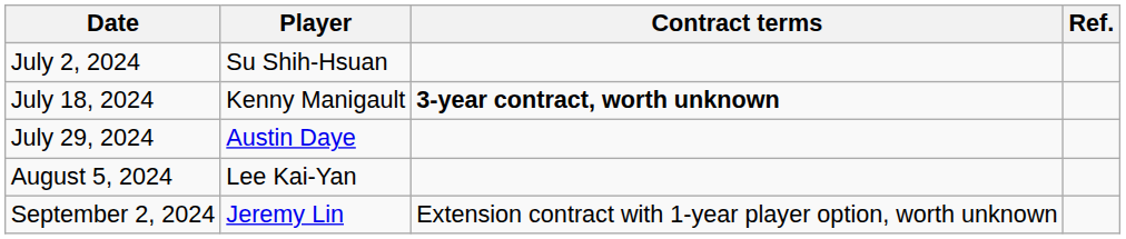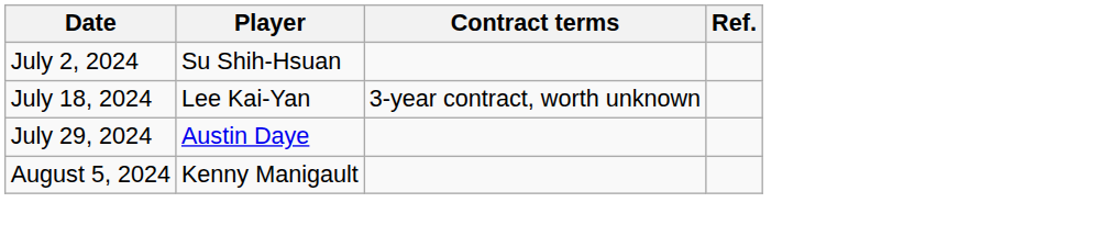 <table class="wikitable">
 <tr>
 <th>Date</th>
 <th>Player</th>
 <th>Contract terms</th>
 <th>Ref.</th>
 </tr>
 <tr>
 <td>July 2, 2024</td>
 <td>Su Shih-Hsuan</td>
 <td></td>
 <td></td>
 </tr>
 <tr>
 <td>July 18, 2024</td>
-<td>Kenny Manigault</td>
-<td><strong>3-year contract, worth unknown</strong></td>
+<td>Lee Kai-Yan</td>
+<td>3-year contract, worth unknown</td>
 <td></td>
 </tr>
 <tr>
 <td>July 29, 2024</td>
 <td><a href='#'>Austin Daye</a></td>
 <td></td>
 <td></td>
 </tr>
 <tr>
 <td>August 5, 2024</td>
-<td>Lee Kai-Yan</td>
+<td>Kenny Manigault</td>
 <td></td>
 <td></td>
 </tr>
-<tr>
-<td>September 2, 2024</td>
-<td><a href='#'>Jeremy Lin</a></td>
-<td>Extension contract with 1-year player option, worth unknown</td>
-<td></td>
-</tr>
 </table>
